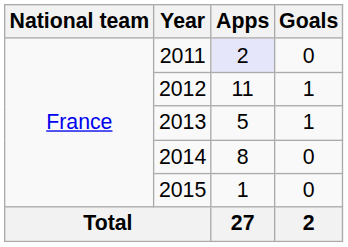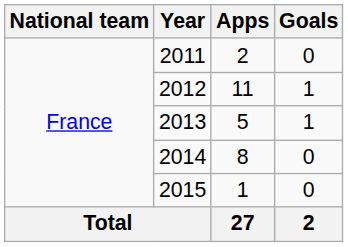 <table class="wikitable" style="text-align:center">
 <tr>
 <th>National team</th>
 <th>Year</th>
 <th>Apps</th>
 <th>Goals</th>
 </tr>
 <tr>
 <td rowspan="5"><a href='#'>France</a></td>
 <td>2011</td>
-<td style="background: lavender;">2</td>
+<td>2</td>
 <td>0</td>
 </tr>
 <tr>
 <td>2012</td>
 <td>11</td>
 <td>1</td>
 </tr>
 <tr>
 <td>2013</td>
 <td>5</td>
 <td>1</td>
 </tr>
 <tr>
 <td>2014</td>
 <td>8</td>
 <td>0</td>
 </tr>
 <tr>
 <td>2015</td>
 <td>1</td>
 <td>0</td>
 </tr>
 <tr>
 <th colspan="2">Total</th>
 <th>27</th>
 <th>2</th>
 </tr>
 </table>
